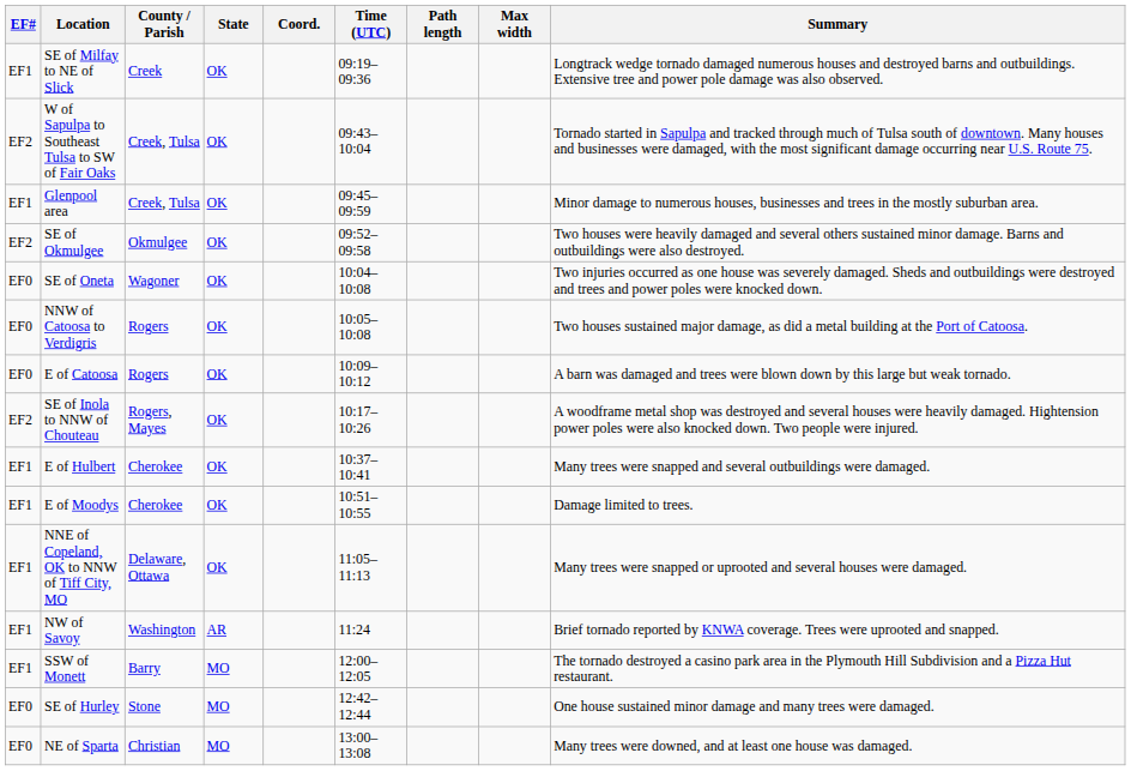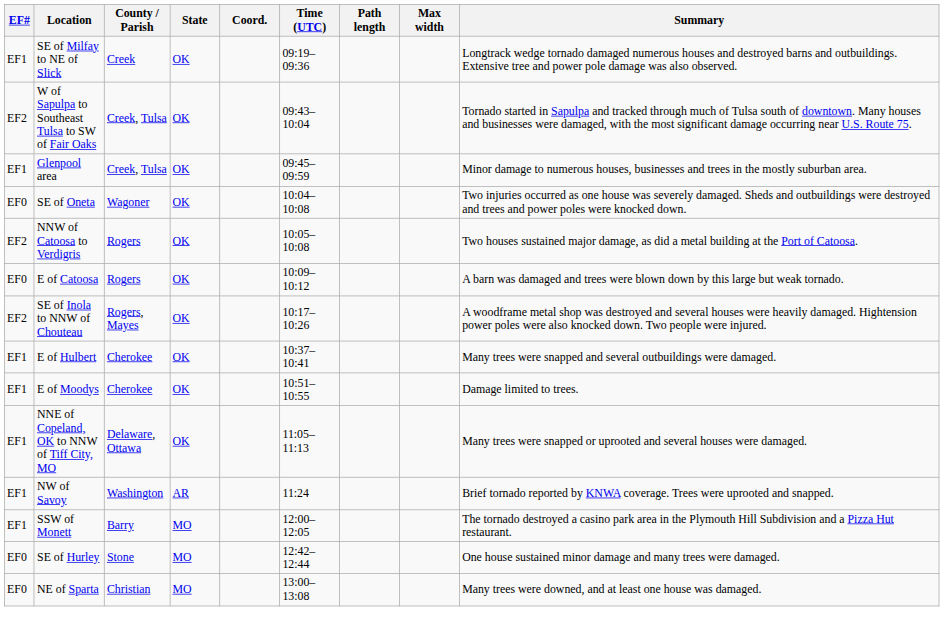 <table class="wikitable sortable" style="width:100%;">
 <tr>
 <th scope="col" width="3%" align="center"><a href='#'>EF#</a></th>
 <th scope="col" width="7%" align="center" class="unsortable">Location</th>
 <th scope="col" width="6%" align="center" class="unsortable">County / Parish</th>
 <th scope="col" width="5%" align="center">State</th>
 <th scope="col" width="6%" align="center">Coord.</th>
 <th scope="col" width="6%" align="center">Time (<a href='#'>UTC</a>)</th>
 <th scope="col" width="6%" align="center">Path length</th>
 <th scope="col" width="6%" align="center">Max width</th>
 <th scope="col" width="48%" class="unsortable" align="center">Summary</th>
 </tr>
 <tr>
 <td>EF1</td>
 <td>SE of <a href='#'>Milfay</a> to NE of <a href='#'>Slick</a></td>
 <td><a href='#'>Creek</a></td>
 <td><a href='#'>OK</a></td>
 <td></td>
 <td>09:19–09:36</td>
 <td></td>
 <td></td>
 <td>Longtrack wedge tornado damaged numerous houses and destroyed barns and outbuildings. Extensive tree and power pole damage was also observed.</td>
 </tr>
 <tr>
 <td>EF2</td>
 <td>W of <a href='#'>Sapulpa</a> to Southeast <a href='#'>Tulsa</a> to SW of <a href='#'>Fair Oaks</a></td>
 <td><a href='#'>Creek</a>, <a href='#'>Tulsa</a></td>
 <td><a href='#'>OK</a></td>
 <td></td>
 <td>09:43–10:04</td>
 <td></td>
 <td></td>
 <td>Tornado started in <a href='#'>Sapulpa</a> and tracked through much of Tulsa south of <a href='#'>downtown</a>. Many houses and businesses were damaged, with the most significant damage occurring near <a href='#'>U.S. Route 75</a>.</td>
 </tr>
 <tr>
 <td>EF1</td>
 <td><a href='#'>Glenpool</a> area</td>
 <td><a href='#'>Creek</a>, <a href='#'>Tulsa</a></td>
 <td><a href='#'>OK</a></td>
 <td></td>
 <td>09:45–09:59</td>
 <td></td>
 <td></td>
 <td>Minor damage to numerous houses, businesses and trees in the mostly suburban area.</td>
 </tr>
 <tr>
-<td>EF2</td>
-<td>SE of <a href='#'>Okmulgee</a></td>
-<td><a href='#'>Okmulgee</a></td>
-<td><a href='#'>OK</a></td>
-<td></td>
-<td>09:52–09:58</td>
-<td></td>
-<td></td>
-<td>Two houses were heavily damaged and several others sustained minor damage. Barns and outbuildings were also destroyed.</td>
-</tr>
-<tr>
 <td>EF0</td>
 <td>SE of <a href='#'>Oneta</a></td>
 <td><a href='#'>Wagoner</a></td>
 <td><a href='#'>OK</a></td>
 <td></td>
 <td>10:04–10:08</td>
 <td></td>
 <td></td>
 <td>Two injuries occurred as one house was severely damaged. Sheds and outbuildings were destroyed and trees and power poles were knocked down.</td>
 </tr>
 <tr>
-<td>EF0</td>
+<td>EF2</td>
 <td>NNW of <a href='#'>Catoosa</a> to <a href='#'>Verdigris</a></td>
 <td><a href='#'>Rogers</a></td>
 <td><a href='#'>OK</a></td>
 <td></td>
 <td>10:05–10:08</td>
 <td></td>
 <td></td>
 <td>Two houses sustained major damage, as did a metal building at the <a href='#'>Port of Catoosa</a>.</td>
 </tr>
 <tr>
 <td>EF0</td>
 <td>E of <a href='#'>Catoosa</a></td>
 <td><a href='#'>Rogers</a></td>
 <td><a href='#'>OK</a></td>
 <td></td>
 <td>10:09–10:12</td>
 <td></td>
 <td></td>
 <td>A barn was damaged and trees were blown down by this large but weak tornado.</td>
 </tr>
 <tr>
 <td>EF2</td>
 <td>SE of <a href='#'>Inola</a> to NNW of <a href='#'>Chouteau</a></td>
 <td><a href='#'>Rogers</a>, <a href='#'>Mayes</a></td>
 <td><a href='#'>OK</a></td>
 <td></td>
 <td>10:17–10:26</td>
 <td></td>
 <td></td>
 <td>A woodframe metal shop was destroyed and several houses were heavily damaged. Hightension power poles were also knocked down. Two people were injured.</td>
 </tr>
 <tr>
 <td>EF1</td>
 <td>E of <a href='#'>Hulbert</a></td>
 <td><a href='#'>Cherokee</a></td>
 <td><a href='#'>OK</a></td>
 <td></td>
 <td>10:37–10:41</td>
 <td></td>
 <td></td>
 <td>Many trees were snapped and several outbuildings were damaged.</td>
 </tr>
 <tr>
 <td>EF1</td>
 <td>E of <a href='#'>Moodys</a></td>
 <td><a href='#'>Cherokee</a></td>
 <td><a href='#'>OK</a></td>
 <td></td>
 <td>10:51–10:55</td>
 <td></td>
 <td></td>
 <td>Damage limited to trees.</td>
 </tr>
 <tr>
 <td>EF1</td>
 <td>NNE of <a href='#'>Copeland, OK</a> to NNW of <a href='#'>Tiff City, MO</a></td>
 <td><a href='#'>Delaware</a>, <a href='#'>Ottawa</a></td>
 <td><a href='#'>OK</a></td>
 <td></td>
 <td>11:05–11:13</td>
 <td></td>
 <td></td>
 <td>Many trees were snapped or uprooted and several houses were damaged.</td>
 </tr>
 <tr>
 <td>EF1</td>
 <td>NW of <a href='#'>Savoy</a></td>
 <td><a href='#'>Washington</a></td>
 <td><a href='#'>AR</a></td>
 <td></td>
 <td>11:24</td>
 <td></td>
 <td></td>
 <td>Brief tornado reported by <a href='#'>KNWA</a> coverage. Trees were uprooted and snapped.</td>
 </tr>
 <tr>
 <td>EF1</td>
 <td>SSW of <a href='#'>Monett</a></td>
 <td><a href='#'>Barry</a></td>
 <td><a href='#'>MO</a></td>
 <td></td>
 <td>12:00–12:05</td>
 <td></td>
 <td></td>
 <td>The tornado destroyed a casino park area in the Plymouth Hill Subdivision and a <a href='#'>Pizza Hut</a> restaurant.</td>
 </tr>
 <tr>
 <td>EF0</td>
 <td>SE of <a href='#'>Hurley</a></td>
 <td><a href='#'>Stone</a></td>
 <td><a href='#'>MO</a></td>
 <td></td>
 <td>12:42–12:44</td>
 <td></td>
 <td></td>
 <td>One house sustained minor damage and many trees were damaged.</td>
 </tr>
 <tr>
 <td>EF0</td>
 <td>NE of <a href='#'>Sparta</a></td>
 <td><a href='#'>Christian</a></td>
 <td><a href='#'>MO</a></td>
 <td></td>
 <td>13:00–13:08</td>
 <td></td>
 <td></td>
 <td>Many trees were downed, and at least one house was damaged.</td>
 </tr>
 </table>
